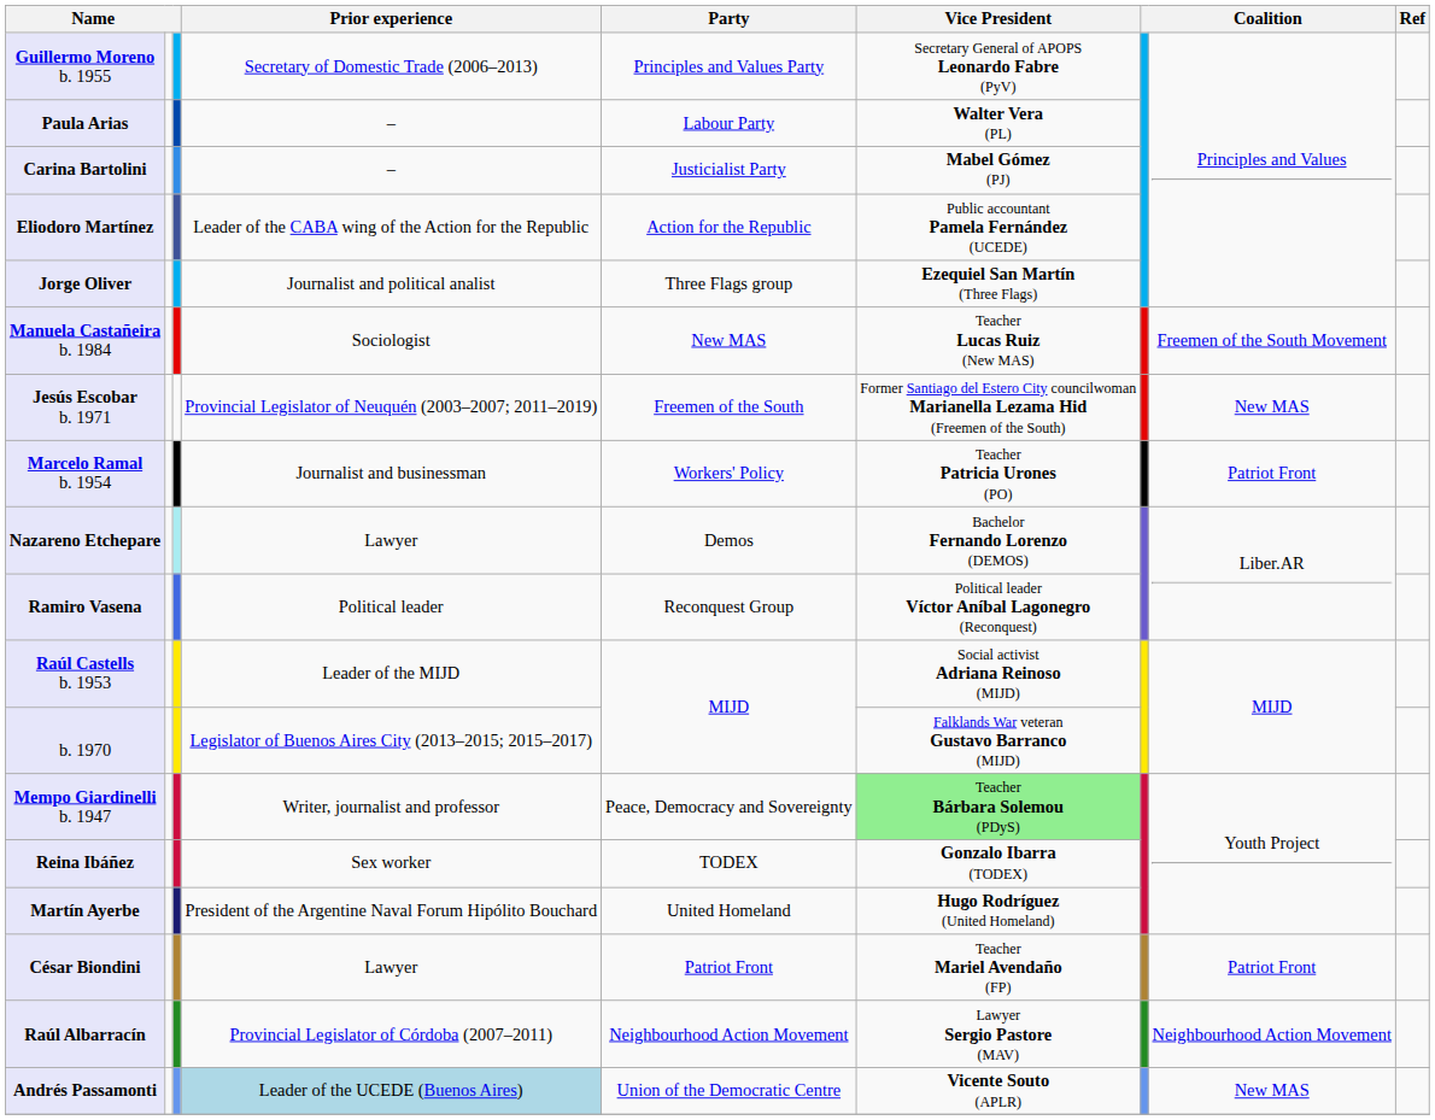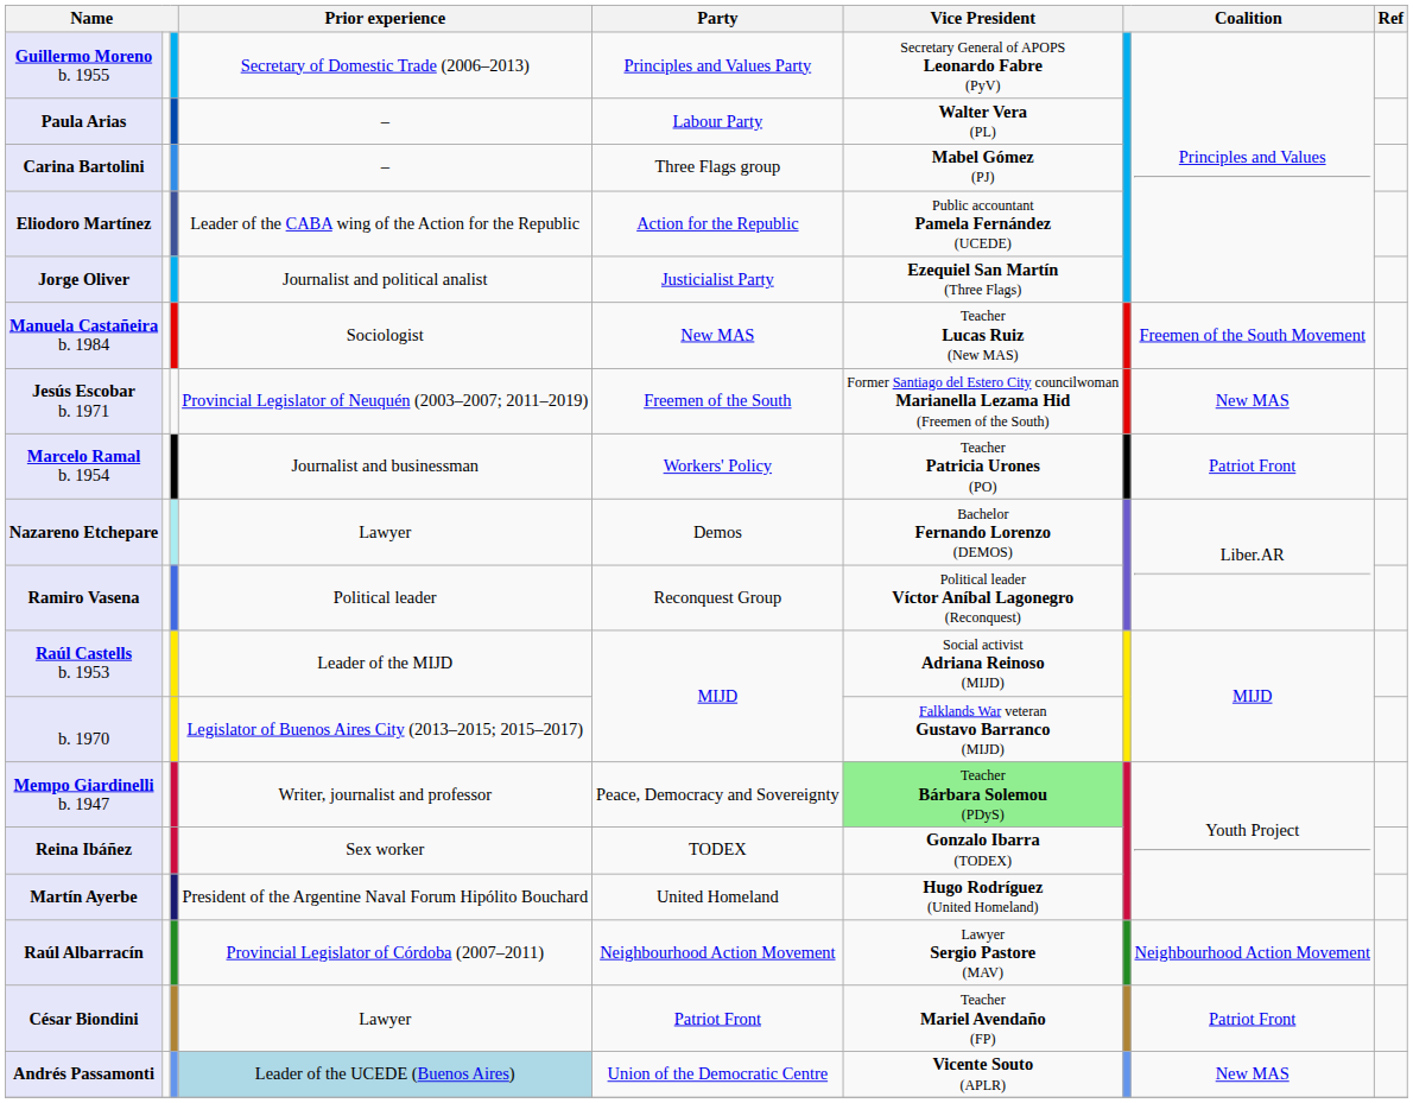 <table class="wikitable mw-collapsible mw-collapsed" style="text-align:center;">
 <tr>
 <th scope="col" colspan=3>Name<br></th>
 <th class="unsortable">Prior experience</th>
 <th>Party</th>
 <th>Vice President</th>
 <th scope="col" colspan=2>Coalition</th>
 <th>Ref</th>
 </tr>
 <tr>
 <td style="background:lavender;" data-sort-value="Moreno, Guillermo"><strong><a href='#'>Guillermo Moreno</a></strong><br>b. 1955 </td>
 <td></td>
 <td style="background:#00aff0;"></td>
 <td><a href='#'>Secretary of Domestic Trade</a> (2006–2013)<br></td>
 <td> <a href='#'>Principles and Values Party</a></td>
 <td><small>Secretary General of APOPS</small><br><strong>Leonardo Fabre</strong><br><small>(PyV)</small></td>
 <td style="background:#00aff0;;" rowspan="5"></td>
 <td rowspan="5"> <a href='#'>Principles and Values</a><hr></td>
 <td></td>
 </tr>
 <tr>
 <td style="background:lavender;" data-sort-value="Arias, Paula"><strong>Paula Arias</strong></td>
 <td></td>
 <td style="background:#0047AB;"></td>
 <td>–</td>
 <td> <a href='#'>Labour Party</a></td>
 <td><strong>Walter Vera</strong><br><small>(PL)</small></td>
 <td></td>
 </tr>
 <tr>
 <td style="background:lavender;" data-sort-value="Bartolini, Carina"><strong>Carina Bartolini</strong></td>
 <td></td>
 <td style="background:#318ce7;"></td>
 <td>–</td>
-<td> <a href='#'>Justicialist Party</a></td>
+<td>Three Flags group</td>
 <td><strong>Mabel Gómez</strong><br><small>(PJ)</small></td>
 <td></td>
 </tr>
 <tr>
 <td style="background:lavender;" data-sort-value="Martínez, Elidoro"><strong>Eliodoro Martínez</strong></td>
 <td></td>
 <td style="background:#3E5298;"></td>
 <td>Leader of the <a href='#'>CABA</a> wing of the Action for the Republic</td>
 <td> <a href='#'>Action for the Republic</a></td>
 <td><small>Public accountant</small><br><strong>Pamela Fernández</strong><br><small>(UCEDE)</small></td>
 <td></td>
 </tr>
 <tr>
 <td style="background:lavender;" data-sort-value="Oliver, Jorge"><strong>Jorge Oliver</strong></td>
 <td></td>
 <td style="background:#00aff0;"></td>
 <td>Journalist and political analist</td>
-<td>Three Flags group</td>
+<td> <a href='#'>Justicialist Party</a></td>
 <td><strong>Ezequiel San Martín</strong><br><small>(Three Flags)</small></td>
 <td></td>
 </tr>
 <tr>
 <td style="background:lavender;" data-sort-value="Castañeira, Manuela"><strong><a href='#'>Manuela Castañeira</a></strong><br>b. 1984 </td>
 <td></td>
 <td style="background:#E50303;"></td>
 <td>Sociologist</td>
 <td> <a href='#'>New MAS</a></td>
 <td><small>Teacher</small><br><strong>Lucas Ruiz</strong><br><small>(New MAS)</small></td>
 <td style="background:#E50303;"></td>
 <td> <a href='#'>Freemen of the South Movement</a></td>
 <td></td>
 </tr>
 <tr>
 <td style="background:lavender;" data-sort-value="Escobar, Jesus"><strong>Jesús Escobar</strong><br>b. 1971 </td>
 <td></td>
 <td style="background:"></td>
 <td><a href='#'>Provincial Legislator of Neuquén</a> (2003–2007; 2011–2019)</td>
 <td> <a href='#'>Freemen of the South</a></td>
 <td><small>Former <a href='#'>Santiago del Estero City</a> councilwoman</small><br><strong>Marianella Lezama Hid</strong><br><small>(Freemen of the South)</small></td>
 <td style="background:#E50303;"></td>
 <td> <a href='#'>New MAS</a></td>
 <td></td>
 </tr>
 <tr>
 <td style="background:lavender;" data-sort-value="Ramal, Marcelo"><strong><a href='#'>Marcelo Ramal</a></strong><br>b. 1954 </td>
 <td></td>
 <td style="background:black;"></td>
 <td>Journalist and businessman</td>
 <td> <a href='#'>Workers' Policy</a></td>
 <td><small>Teacher</small><br><strong>Patricia Urones</strong><br><small>(PO)</small></td>
 <td style="background:black;"></td>
 <td><a href='#'>Patriot Front</a></td>
 <td></td>
 </tr>
 <tr>
 <td style="background:lavender;" data-sort-value="Etchepare, Nazareno"><strong>Nazareno Etchepare</strong></td>
 <td></td>
 <td style="background:#a9ecf1;"></td>
 <td>Lawyer</td>
 <td>Demos</td>
 <td><small>Bachelor</small><br><strong>Fernando Lorenzo</strong><br><small>(DEMOS)</small></td>
 <td rowspan="2" style="background:#6A5ACD;"></td>
 <td rowspan="2">Liber.AR<hr></td>
 <td></td>
 </tr>
 <tr>
 <td style="background: lavender;" data-sort-value="Vasena, Ramiro"><strong>Ramiro Vasena</strong></td>
 <td></td>
 <td style="background:#4169E1;"></td>
 <td>Political leader</td>
 <td>Reconquest Group</td>
 <td><small>Political leader</small><br><strong>Víctor Aníbal Lagonegro</strong><br><small>(Reconquest)</small></td>
 <td></td>
 </tr>
 <tr>
 <td style="background:lavender;" data-sort-value="Castells, Raul"><strong><a href='#'>Raúl Castells</a></strong><br>b. 1953 </td>
 <td></td>
 <td style="background:#FFE900;"></td>
 <td>Leader of the MIJD</td>
 <td rowspan="2"> <a href='#'>MIJD</a></td>
 <td><small>Social activist</small><br><strong>Adriana Reinoso</strong><br><small>(MIJD)</small></td>
 <td rowspan="2" style="background:#FFE900;"></td>
 <td rowspan="2"> <a href='#'>MIJD</a></td>
 <td></td>
 </tr>
 <tr>
 <td style="background:lavender;" data-sort-value="Cuneo, Santiago"><strong></strong><br>b. 1970 </td>
 <td></td>
 <td style="background:#FFE900;"></td>
 <td><a href='#'>Legislator of Buenos Aires City</a> (2013–2015; 2015–2017)</td>
 <td><small><a href='#'>Falklands War</a> veteran</small><br><strong>Gustavo Barranco</strong><br><small>(MIJD)</small></td>
 <td></td>
 </tr>
 <tr>
 <td style="background:lavender;" data-sort-value="Giardinelli, Mempo"><strong><a href='#'>Mempo Giardinelli</a></strong><br>b. 1947 </td>
 <td></td>
 <td style="background:#CD0D40;"></td>
 <td>Writer, journalist and professor</td>
 <td>Peace, Democracy and Sovereignty</td>
 <td style="background: lightgreen;"><small>Teacher</small><br><strong>Bárbara Solemou</strong><br><small>(PDyS)</small></td>
 <td style="background:#CD0D40;" rowspan="3"></td>
 <td rowspan="3">Youth Project<hr></td>
 <td></td>
 </tr>
 <tr>
 <td style="background:lavender;" data-sort-value="Ibáñez, Reina"><strong>Reina Ibáñez</strong></td>
 <td></td>
 <td style="background:#CD0D40;"></td>
 <td>Sex worker</td>
 <td>TODEX</td>
 <td><strong>Gonzalo Ibarra</strong><br><small>(TODEX)</small></td>
 <td></td>
 </tr>
 <tr>
 <td style="background:lavender;" data-sort-value="Ayerbe, Martín"><strong>Martín Ayerbe</strong></td>
 <td></td>
 <td style="background:#191970;"></td>
 <td>President of the Argentine Naval Forum Hipólito Bouchard</td>
 <td> United Homeland</td>
 <td><strong>Hugo Rodríguez</strong><br><small>(United Homeland)</small></td>
 <td></td>
 </tr>
 <tr>
+<td style="background:lavender;" data-sort-value="Albarracín, Raúl"><strong>Raúl Albarracín</strong></td>
+<td></td>
+<td style="background:#228B22;"></td>
+<td><a href='#'>Provincial Legislator of Córdoba</a> (2007–2011)</td>
+<td><a href='#'>Neighbourhood Action Movement</a></td>
+<td><small>Lawyer</small><br><strong>Sergio Pastore</strong><br><small>(MAV)</small></td>
+<td style="background:#228B22;"></td>
+<td><a href='#'>Neighbourhood Action Movement</a></td>
+<td></td>
+</tr>
+<tr>
 <td style="background:lavender;" data-sort-value="Biondini, César"><strong>César Biondini</strong></td>
 <td></td>
 <td style="background:#AE8333;"></td>
 <td>Lawyer</td>
 <td><a href='#'>Patriot Front</a></td>
 <td><small>Teacher</small><br><strong>Mariel Avendaño</strong><br><small>(FP)</small></td>
 <td style="background:#AE8333;"></td>
 <td><a href='#'>Patriot Front</a></td>
-<td></td>
-</tr>
-<tr>
-<td style="background:lavender;" data-sort-value="Albarracín, Raúl"><strong>Raúl Albarracín</strong></td>
-<td></td>
-<td style="background:#228B22;"></td>
-<td><a href='#'>Provincial Legislator of Córdoba</a> (2007–2011)</td>
-<td><a href='#'>Neighbourhood Action Movement</a></td>
-<td><small>Lawyer</small><br><strong>Sergio Pastore</strong><br><small>(MAV)</small></td>
-<td style="background:#228B22;"></td>
-<td><a href='#'>Neighbourhood Action Movement</a></td>
 <td></td>
 </tr>
 <tr>
 <td style="background:lavender;" data-sort-value="Albarracín, Raúl"><strong>Andrés Passamonti</strong></td>
 <td></td>
 <td style="background:#6495ED;"></td>
 <td style="background: lightblue;">Leader of the UCEDE (<a href='#'>Buenos Aires</a>)</td>
 <td> <a href='#'>Union of the Democratic Centre</a></td>
 <td><strong>Vicente Souto</strong><br><small>(APLR)</small></td>
 <td style="background:#6495ED;"></td>
 <td> <a href='#'>New MAS</a></td>
 <td></td>
 </tr>
 <tr>
 </tr>
 </table>
